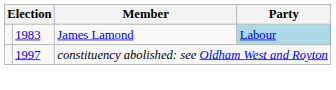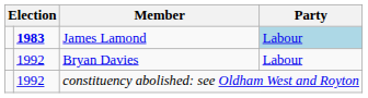 <table class="wikitable">
 <tr>
 <th colspan="2">Election</th>
 <th>Member</th>
 <th>Party</th>
 </tr>
 <tr>
 <td style="color:inherit;background-color: "></td>
-<td><a href='#'>1983</a></td>
+<td><strong><a href='#'>1983</a></strong></td>
 <td><a href='#'>James Lamond</a></td>
 <td style="background: lightblue;"><a href='#'>Labour</a></td>
 </tr>
 <tr>
+<td style="color:inherit;background-color: "></td>
+<td><a href='#'>1992</a></td>
+<td><a href='#'>Bryan Davies</a></td>
+<td><a href='#'>Labour</a></td>
+</tr>
+<tr>
 <td></td>
-<td><a href='#'>1997</a></td>
+<td><a href='#'>1992</a></td>
 <td colspan="2"><em>constituency abolished: see <a href='#'>Oldham West and Royton</a></em></td>
 </tr>
 </table>
